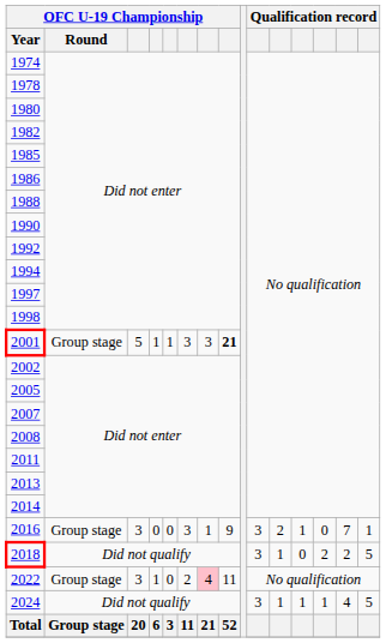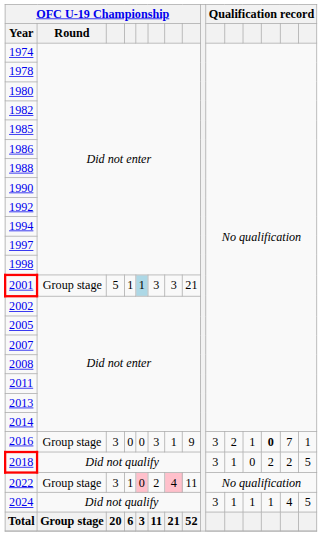 <table class="wikitable" style="text-align: center;">
 <tr>
 <th colspan=8><a href='#'>OFC U-19 Championship</a></th>
 <th rowspan=30></th>
 <th colspan=6>Qualification record</th>
 </tr>
 <tr>
 <th>Year</th>
 <th>Round</th>
 <th></th>
 <th></th>
 <th></th>
 <th></th>
 <th></th>
 <th></th>
 <th></th>
 <th></th>
 <th></th>
 <th></th>
 <th></th>
 <th></th>
 </tr>
 <tr>
 <td> <a href='#'>1974</a></td>
 <td colspan=7 rowspan=12><em>Did not enter</em></td>
 <td colspan=6 rowspan=20><em>No qualification</em></td>
 </tr>
 <tr>
 <td> <a href='#'>1978</a></td>
 </tr>
 <tr>
 <td> <a href='#'>1980</a></td>
 </tr>
 <tr>
 <td> <a href='#'>1982</a></td>
 </tr>
 <tr>
 <td> <a href='#'>1985</a></td>
 </tr>
 <tr>
 <td> <a href='#'>1986</a></td>
 </tr>
 <tr>
 <td> <a href='#'>1988</a></td>
 </tr>
 <tr>
 <td> <a href='#'>1990</a></td>
 </tr>
 <tr>
 <td> <a href='#'>1992</a></td>
 </tr>
 <tr>
 <td> <a href='#'>1994</a></td>
 </tr>
 <tr>
 <td> <a href='#'>1997</a></td>
 </tr>
 <tr>
 <td> <a href='#'>1998</a></td>
 </tr>
 <tr>
 <td style="border: 3px solid red">  <a href='#'>2001</a></td>
 <td>Group stage</td>
 <td>5</td>
 <td>1</td>
-<td>1</td>
+<td style="background: lightblue;">1</td>
 <td>3</td>
 <td>3</td>
-<td><strong>21</strong></td>
+<td>21</td>
 </tr>
 <tr>
 <td>  <a href='#'>2002</a></td>
 <td colspan=7 rowspan=7><em>Did not enter</em></td>
 </tr>
 <tr>
 <td> <a href='#'>2005</a></td>
 </tr>
 <tr>
 <td> <a href='#'>2007</a></td>
 </tr>
 <tr>
 <td> <a href='#'>2008</a></td>
 </tr>
 <tr>
 <td> <a href='#'>2011</a></td>
 </tr>
 <tr>
 <td> <a href='#'>2013</a></td>
 </tr>
 <tr>
 <td> <a href='#'>2014</a></td>
 </tr>
 <tr>
 <td>  <a href='#'>2016</a></td>
 <td>Group stage</td>
 <td>3</td>
 <td>0</td>
 <td>0</td>
 <td>3</td>
 <td>1</td>
 <td>9</td>
 <td>3</td>
 <td>2</td>
 <td>1</td>
-<td>0</td>
+<td><strong>0</strong></td>
 <td>7</td>
 <td>1</td>
 </tr>
 <tr>
 <td style="border: 3px solid red">  <a href='#'>2018</a></td>
 <td colspan=8><em>Did not qualify</em></td>
 <td>3</td>
 <td>1</td>
 <td>0</td>
 <td>2</td>
 <td>2</td>
 <td>5</td>
 </tr>
 <tr>
 <td> <a href='#'>2022</a></td>
 <td>Group stage</td>
 <td>3</td>
 <td>1</td>
-<td>0</td>
+<td style="background: pink;">0</td>
 <td>2</td>
 <td style="background: pink;">4</td>
 <td>11</td>
 <td colspan=6><em>No qualification</em></td>
 </tr>
 <tr>
 <td>  <a href='#'>2024</a></td>
 <td colspan=8><em>Did not qualify</em></td>
 <td>3</td>
 <td>1</td>
 <td>1</td>
 <td>1</td>
 <td>4</td>
 <td>5</td>
 </tr>
 <tr>
 <th><strong>Total</strong></th>
 <th>Group stage</th>
 <th><strong>20</strong></th>
 <th><strong>6</strong></th>
 <th><strong>3</strong></th>
 <th><strong>11</strong></th>
 <th><strong>21</strong></th>
 <th><strong>52</strong></th>
 <th></th>
 <th></th>
 <th></th>
 <th></th>
 <th></th>
 <th></th>
 </tr>
 <tr>
 </tr>
 </table>
